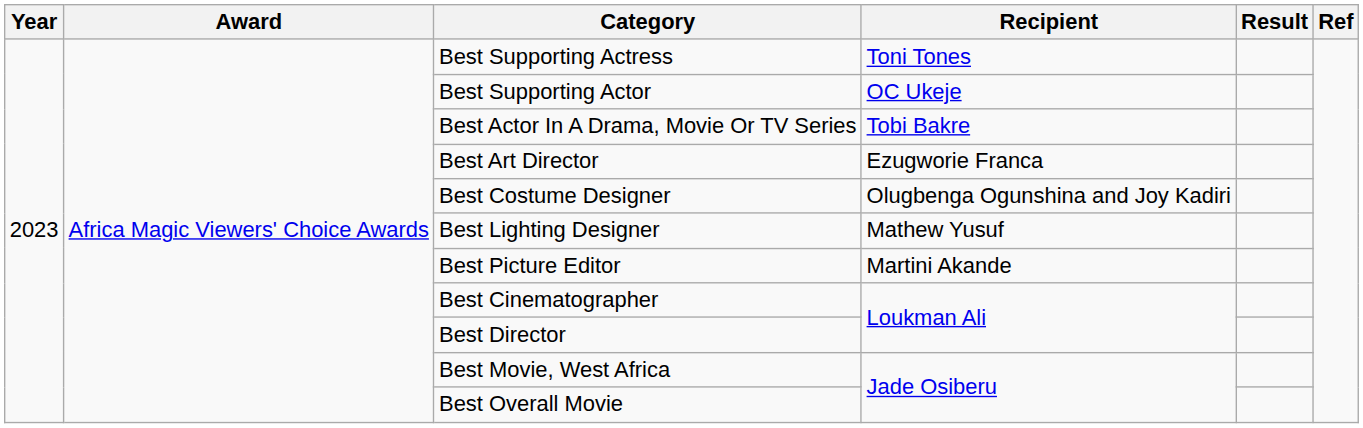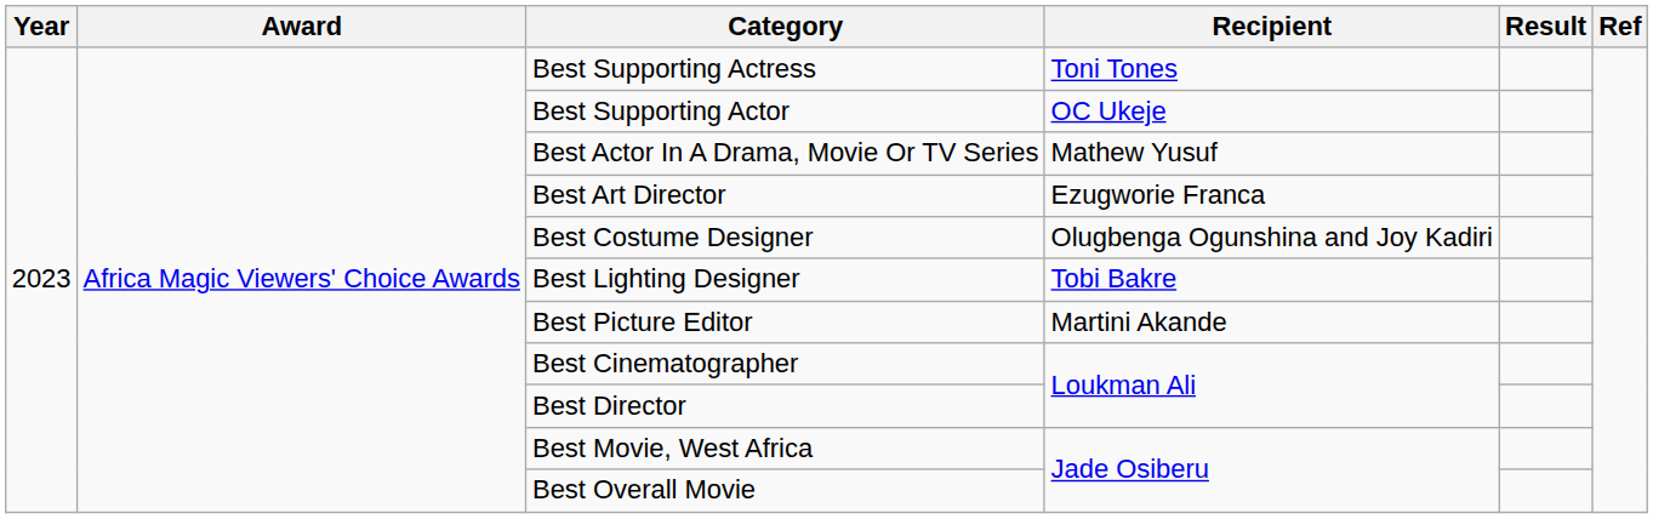 <table class="wikitable">
 <tr>
 <th>Year</th>
 <th>Award</th>
 <th>Category</th>
 <th>Recipient</th>
 <th>Result</th>
 <th>Ref</th>
 </tr>
 <tr>
 <td rowspan="11">2023</td>
 <td rowspan="11"><a href='#'>Africa Magic Viewers' Choice Awards</a></td>
 <td>Best Supporting Actress</td>
 <td><a href='#'>Toni Tones</a></td>
 <td></td>
 <td rowspan="11"></td>
 </tr>
 <tr>
 <td>Best Supporting Actor</td>
 <td><a href='#'>OC Ukeje</a></td>
 <td></td>
 </tr>
 <tr>
 <td>Best Actor In A Drama, Movie Or TV Series</td>
-<td><a href='#'>Tobi Bakre</a></td>
+<td>Mathew Yusuf</td>
 <td></td>
 </tr>
 <tr>
 <td>Best Art Director</td>
 <td>Ezugworie Franca</td>
 <td></td>
 </tr>
 <tr>
 <td>Best Costume Designer</td>
 <td>Olugbenga Ogunshina and Joy Kadiri</td>
 <td></td>
 </tr>
 <tr>
 <td>Best Lighting Designer</td>
-<td>Mathew Yusuf</td>
+<td><a href='#'>Tobi Bakre</a></td>
 <td> </td>
 </tr>
 <tr>
 <td>Best Picture Editor</td>
 <td>Martini Akande</td>
 <td></td>
 </tr>
 <tr>
 <td>Best Cinematographer</td>
 <td rowspan="2"><a href='#'>Loukman Ali</a></td>
 <td></td>
 </tr>
 <tr>
 <td>Best Director</td>
 <td></td>
 </tr>
 <tr>
 <td>Best Movie, West Africa</td>
 <td rowspan="2"><a href='#'>Jade Osiberu</a></td>
 <td></td>
 </tr>
 <tr>
 <td>Best Overall Movie</td>
 <td></td>
 </tr>
 </table>
